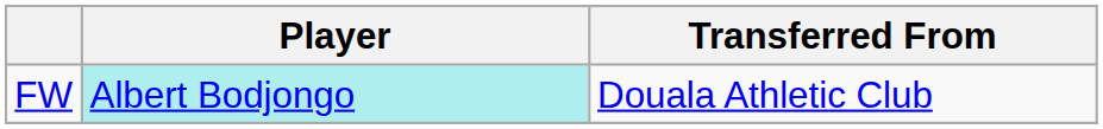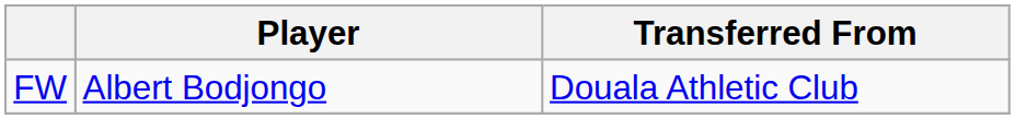 <table class="wikitable plainrowheaders sortable" style="font-size:95%">
 <tr>
 <th></th>
 <th scope=col style="width:200px;">Player</th>
 <th scope=col style="width:200px;">Transferred From</th>
 </tr>
 <tr>
 <td align=left><a href='#'>FW</a></td>
-<td align=left style="background: paleturquoise;"> <a href='#'>Albert Bodjongo</a></td>
+<td align=left> <a href='#'>Albert Bodjongo</a></td>
 <td align=left> <a href='#'>Douala Athletic Club</a></td>
 </tr>
 <tr>
 </tr>
 </table>
